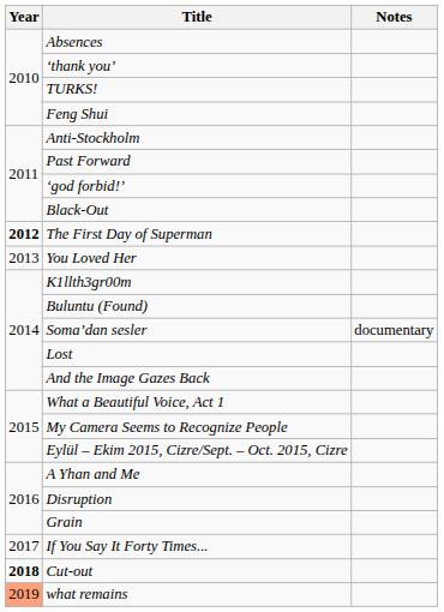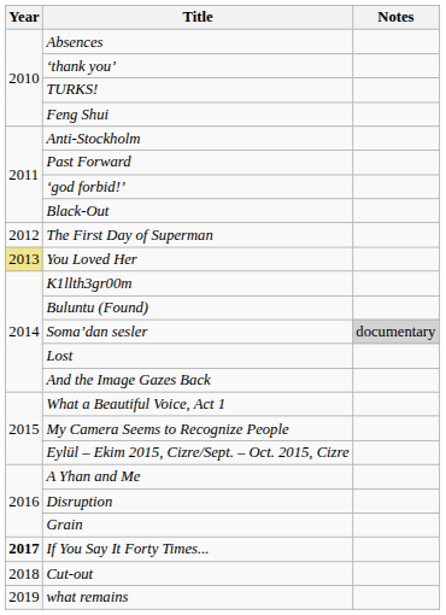 <table class="wikitable">
 <tr>
 <th>Year</th>
 <th>Title</th>
 <th>Notes</th>
 </tr>
 <tr>
 <td rowspan="4">2010</td>
 <td><em>Absences</em></td>
 <td></td>
 </tr>
 <tr>
 <td><em>‘thank you’</em></td>
 <td></td>
 </tr>
 <tr>
 <td><em>TURKS!</em></td>
 <td></td>
 </tr>
 <tr>
 <td><em>Feng Shui</em></td>
 <td></td>
 </tr>
 <tr>
 <td rowspan="4">2011</td>
 <td><em>Anti-Stockholm</em></td>
 <td></td>
 </tr>
 <tr>
 <td><em>Past Forward</em></td>
 <td></td>
 </tr>
 <tr>
 <td><em>‘god forbid!’</em></td>
 <td></td>
 </tr>
 <tr>
 <td><em>Black-Out</em></td>
 <td></td>
 </tr>
 <tr>
-<td><strong>2012</strong></td>
+<td>2012</td>
 <td><em>The First Day of Superman</em></td>
 <td></td>
 </tr>
 <tr>
-<td>2013</td>
+<td style="background: khaki;">2013</td>
 <td><em>You Loved Her</em></td>
 <td></td>
 </tr>
 <tr>
 <td rowspan="5">2014</td>
 <td><em>K1llth3gr00m</em></td>
 <td></td>
 </tr>
 <tr>
 <td><em>Buluntu (Found)</em></td>
 <td></td>
 </tr>
 <tr>
 <td><em>Soma’dan sesler</em></td>
-<td>documentary</td>
+<td style="background: lightgrey;">documentary</td>
 </tr>
 <tr>
 <td><em>Lost</em></td>
 <td></td>
 </tr>
 <tr>
 <td><em>And the Image Gazes Back</em></td>
 <td></td>
 </tr>
 <tr>
 <td rowspan="3">2015</td>
 <td><em>What a Beautiful Voice, Act 1</em></td>
 <td></td>
 </tr>
 <tr>
 <td><em>My Camera Seems to Recognize People</em></td>
 <td></td>
 </tr>
 <tr>
 <td><em>Eylül – Ekim 2015, Cizre/Sept. – Oct. 2015, Cizre</em></td>
 <td></td>
 </tr>
 <tr>
 <td rowspan="3">2016</td>
 <td><em>A Yhan and Me</em></td>
 <td></td>
 </tr>
 <tr>
 <td><em>Disruption</em></td>
 <td></td>
 </tr>
 <tr>
 <td><em>Grain</em></td>
 <td></td>
 </tr>
 <tr>
-<td>2017</td>
+<td><strong>2017</strong></td>
 <td><em>If You Say It Forty Times...</em></td>
 <td></td>
 </tr>
 <tr>
-<td><strong>2018</strong></td>
+<td>2018</td>
 <td><em>Cut-out</em></td>
 <td></td>
 </tr>
 <tr>
-<td style="background: lightsalmon;">2019</td>
+<td>2019</td>
 <td><em>what remains</em></td>
 <td></td>
 </tr>
 </table>
